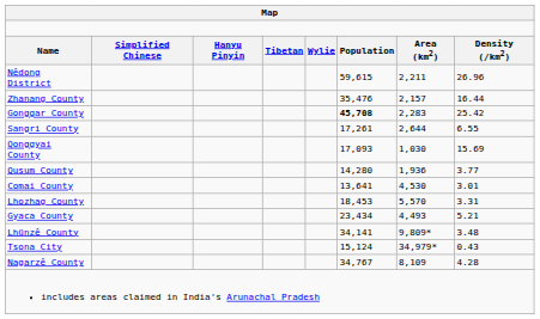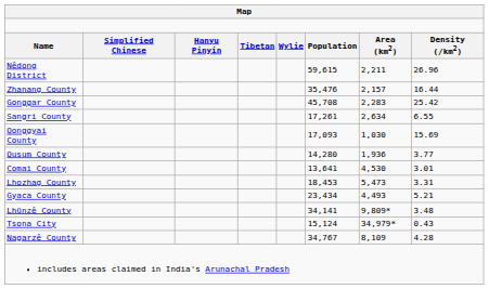 <table class="wikitable" align="center" style="width:50%; font-size:smaller" border="1">
 <tr>
 <th colspan="13">Map</th>
 </tr>
 <tr>
 <td colspan="13"><div><br>               </div></td>
 </tr>
 <tr>
 <th>Name</th>
 <th><a href='#'>Simplified Chinese</a></th>
 <th><a href='#'>Hanyu Pinyin</a></th>
 <th><a href='#'>Tibetan</a></th>
 <th><a href='#'>Wylie</a></th>
 <th>Population </th>
 <th>Area (km<sup>2</sup>)</th>
 <th>Density (/km<sup>2</sup>)</th>
 </tr>
 <tr --------->
 <td><a href='#'>Nêdong District</a></td>
 <td></td>
 <td></td>
 <td></td>
 <td></td>
 <td>59,615</td>
 <td>2,211</td>
 <td>26.96</td>
 </tr>
 <tr --------->
 <td><a href='#'>Zhanang County</a></td>
 <td></td>
 <td></td>
 <td></td>
 <td></td>
 <td>35,476</td>
 <td>2,157</td>
 <td>16.44</td>
 </tr>
 <tr -------->
 <td><a href='#'>Gonggar County</a></td>
 <td></td>
 <td></td>
 <td></td>
 <td></td>
-<td><strong>45,708</strong></td>
+<td>45,708</td>
 <td>2,283</td>
 <td>25.42</td>
 </tr>
 <tr --------->
 <td><a href='#'>Sangri County</a></td>
 <td></td>
 <td></td>
 <td></td>
 <td></td>
 <td>17,261</td>
-<td>2,644</td>
+<td>2,634</td>
 <td>6.55</td>
 </tr>
 <tr --------->
 <td><a href='#'>Qonggyai County</a></td>
 <td></td>
 <td></td>
 <td></td>
 <td></td>
 <td>17,093</td>
 <td>1,030</td>
 <td>15.69</td>
 </tr>
 <tr --------->
 <td><a href='#'>Qusum County</a></td>
 <td></td>
 <td></td>
 <td></td>
 <td></td>
 <td>14,280</td>
 <td>1,936</td>
 <td>3.77</td>
 </tr>
 <tr --------->
 <td><a href='#'>Comai County</a></td>
 <td></td>
 <td></td>
 <td></td>
 <td></td>
 <td>13,641</td>
 <td>4,530</td>
 <td>3.01</td>
 </tr>
 <tr --------->
 <td><a href='#'>Lhozhag County</a></td>
 <td></td>
 <td></td>
 <td></td>
 <td></td>
 <td>18,453</td>
-<td>5,570</td>
+<td>5,473</td>
 <td>3.31</td>
 </tr>
 <tr --------->
 <td><a href='#'>Gyaca County</a></td>
 <td></td>
 <td></td>
 <td></td>
 <td></td>
 <td>23,434</td>
 <td>4,493</td>
 <td>5.21</td>
 </tr>
 <tr --------->
 <td><a href='#'>Lhünzê County</a></td>
 <td></td>
 <td></td>
 <td></td>
 <td></td>
 <td>34,141</td>
 <td>9,809*</td>
 <td>3.48</td>
 </tr>
 <tr --------->
 <td><a href='#'>Tsona City</a></td>
 <td></td>
 <td></td>
 <td></td>
 <td></td>
 <td>15,124</td>
 <td>34,979*</td>
 <td>0.43</td>
 </tr>
 <tr --------->
 <td><a href='#'>Nagarzê County</a></td>
 <td></td>
 <td></td>
 <td></td>
 <td></td>
 <td>34,767</td>
 <td>8,109</td>
 <td>4.28</td>
 </tr>
 <tr>
 <td colspan="13"><div><br><ul><li>includes areas claimed in India's <a href='#'>Arunachal Pradesh</a></li></ul></div></td>
 </tr>
 </table>
